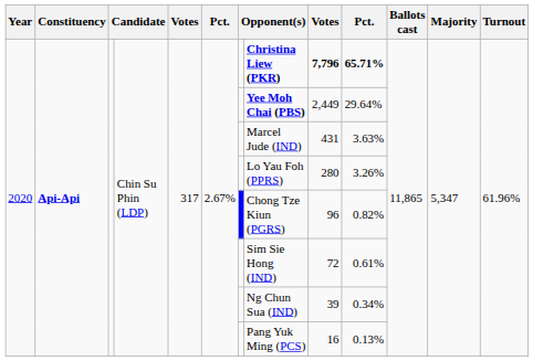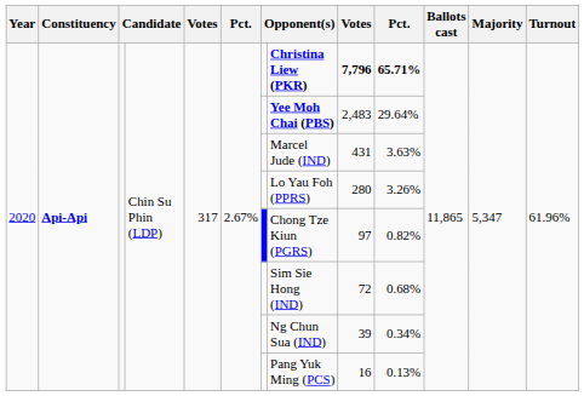 <table class="wikitable" style="margin:0.5em ; font-size:95%">
 <tr>
 <th>Year</th>
 <th>Constituency</th>
 <th colspan="2">Candidate</th>
 <th>Votes</th>
 <th>Pct.</th>
 <th colspan="2">Opponent(s)</th>
 <th>Votes</th>
 <th>Pct.</th>
 <th>Ballots cast</th>
 <th>Majority</th>
 <th>Turnout</th>
 </tr>
 <tr>
 <td rowspan="8"><a href='#'>2020</a></td>
 <td rowspan="8"><strong><a href='#'>Api-Api</a></strong></td>
 <td rowspan="8"></td>
 <td rowspan="8">Chin Su Phin (<a href='#'>LDP</a>)</td>
 <td rowspan="8" align=right>317</td>
 <td rowspan="8" align=right>2.67%</td>
 <td></td>
 <td><strong><a href='#'>Christina Liew</a> (<a href='#'>PKR</a>)</strong></td>
 <td align=right><strong>7,796</strong></td>
 <td><strong>65.71%</strong></td>
 <td rowspan="8">11,865</td>
 <td rowspan="8">5,347</td>
 <td rowspan="8">61.96%</td>
 </tr>
 <tr>
 <td bgcolor= ></td>
 <td><strong><a href='#'>Yee Moh Chai</a> (<a href='#'>PBS</a>)</strong></td>
-<td align=right>2,449</td>
+<td align=right>2,483</td>
 <td>29.64%</td>
 </tr>
 <tr>
 <td bgcolor= ></td>
 <td>Marcel Jude (<a href='#'>IND</a>)</td>
 <td align=right>431</td>
 <td align=right>3.63%</td>
 </tr>
 <tr>
 <td bgcolor = ></td>
 <td>Lo Yau Foh (<a href='#'>PPRS</a>)</td>
 <td align=right>280</td>
 <td align=right>3.26%</td>
 </tr>
 <tr>
 <td bgcolor= blue></td>
 <td>Chong Tze Kiun (<a href='#'>PGRS</a>)</td>
-<td align=right>96</td>
+<td align=right>97</td>
 <td align=right>0.82%</td>
 </tr>
 <tr>
 <td></td>
 <td>Sim Sie Hong (<a href='#'>IND</a>)</td>
 <td align=right>72</td>
-<td align=right>0.61%</td>
+<td align=right>0.68%</td>
 </tr>
 <tr>
 <td></td>
 <td>Ng Chun Sua (<a href='#'>IND</a>)</td>
 <td align=right>39</td>
 <td align=right>0.34%</td>
 </tr>
 <tr>
 <td></td>
 <td>Pang Yuk Ming (<a href='#'>PCS</a>)</td>
 <td align=right>16</td>
 <td align=right>0.13%</td>
 </tr>
 </table>
